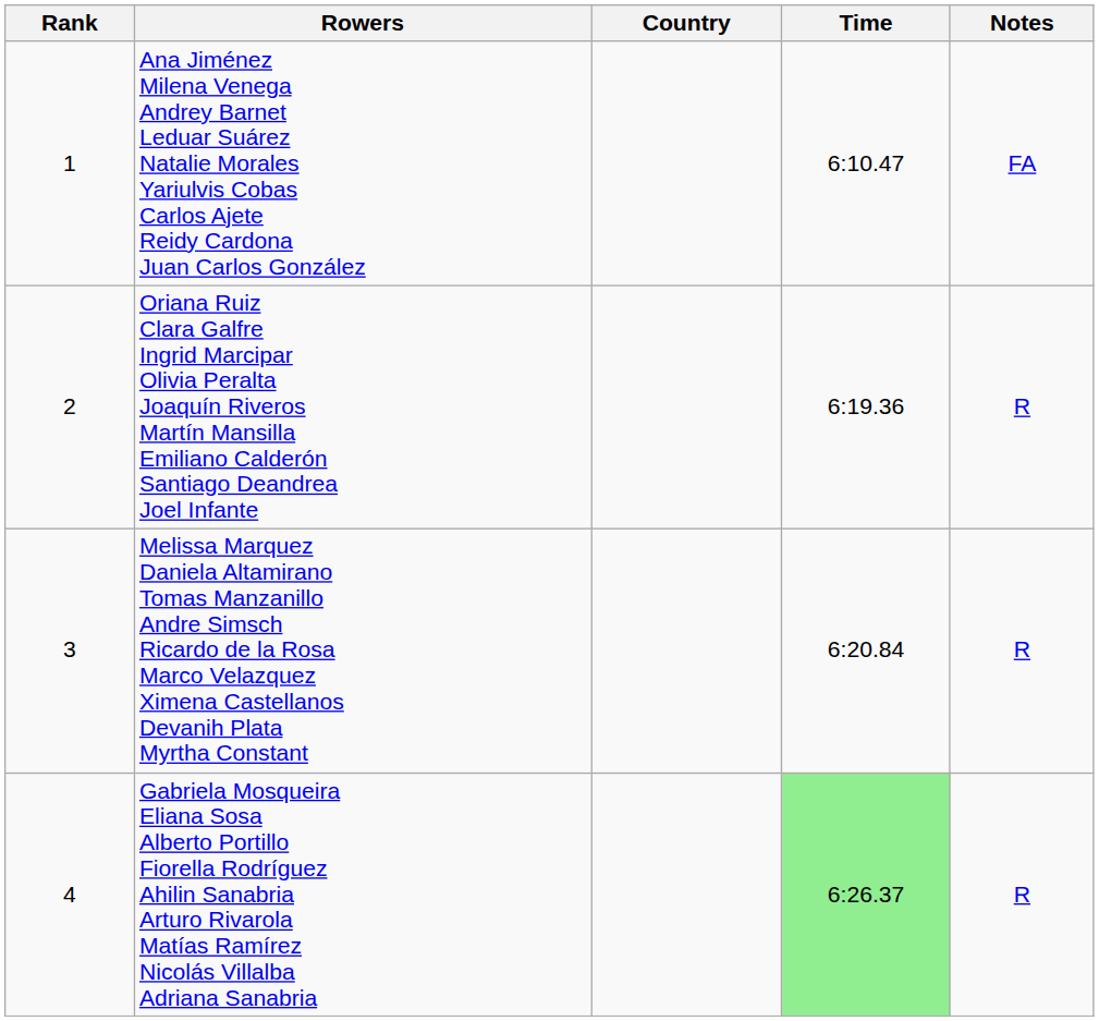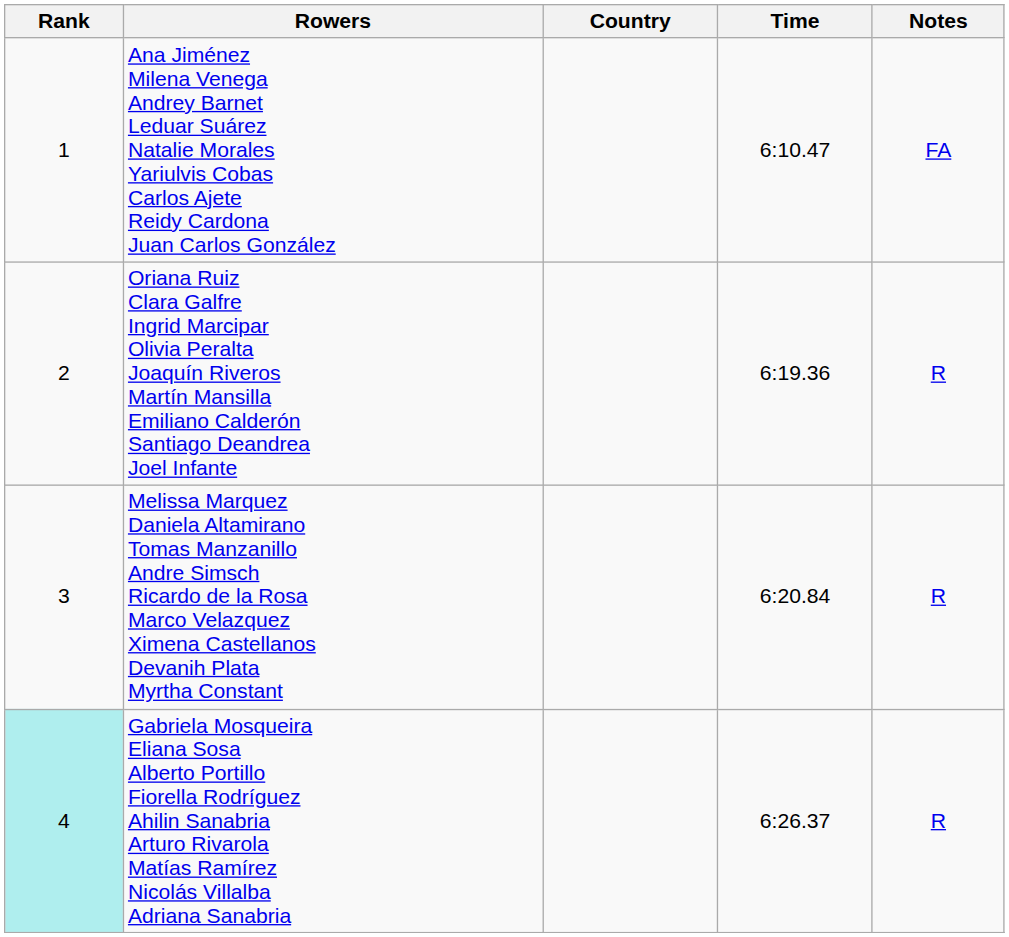 <table class="wikitable" width=60% style="text-align:center">
 <tr>
 <th>Rank</th>
 <th>Rowers</th>
 <th>Country</th>
 <th>Time</th>
 <th>Notes</th>
 </tr>
 <tr>
 <td>1</td>
 <td align=left><a href='#'>Ana Jiménez</a><br><a href='#'>Milena Venega</a><br><a href='#'>Andrey Barnet</a><br><a href='#'>Leduar Suárez</a><br><a href='#'>Natalie Morales</a><br><a href='#'>Yariulvis Cobas</a><br><a href='#'>Carlos Ajete</a><br><a href='#'>Reidy Cardona</a><br><a href='#'>Juan Carlos González</a></td>
 <td align=left></td>
 <td>6:10.47</td>
 <td><a href='#'>FA</a></td>
 </tr>
 <tr>
 <td>2</td>
 <td align=left><a href='#'>Oriana Ruiz</a><br><a href='#'>Clara Galfre</a><br><a href='#'>Ingrid Marcipar</a><br><a href='#'>Olivia Peralta</a><br><a href='#'>Joaquín Riveros</a><br><a href='#'>Martín Mansilla</a><br><a href='#'>Emiliano Calderón</a><br><a href='#'>Santiago Deandrea</a><br><a href='#'>Joel Infante</a></td>
 <td align=left></td>
 <td>6:19.36</td>
 <td><a href='#'>R</a></td>
 </tr>
 <tr>
 <td>3</td>
 <td align=left><a href='#'>Melissa Marquez</a><br><a href='#'>Daniela Altamirano</a><br><a href='#'>Tomas Manzanillo</a><br><a href='#'>Andre Simsch</a><br><a href='#'>Ricardo de la Rosa</a><br><a href='#'>Marco Velazquez</a><br><a href='#'>Ximena Castellanos</a><br><a href='#'>Devanih Plata</a><br><a href='#'>Myrtha Constant</a></td>
 <td align=left></td>
 <td>6:20.84</td>
 <td><a href='#'>R</a></td>
 </tr>
 <tr>
-<td>4</td>
+<td style="background: paleturquoise;">4</td>
 <td align=left><a href='#'>Gabriela Mosqueira</a><br><a href='#'>Eliana Sosa</a><br><a href='#'>Alberto Portillo</a><br><a href='#'>Fiorella Rodríguez</a><br><a href='#'>Ahilin Sanabria</a><br><a href='#'>Arturo Rivarola</a><br><a href='#'>Matías Ramírez</a><br><a href='#'>Nicolás Villalba</a><br><a href='#'>Adriana Sanabria</a></td>
 <td align=left></td>
-<td style="background: lightgreen;">6:26.37</td>
+<td>6:26.37</td>
 <td><a href='#'>R</a></td>
 </tr>
 <tr>
 </tr>
 </table>
